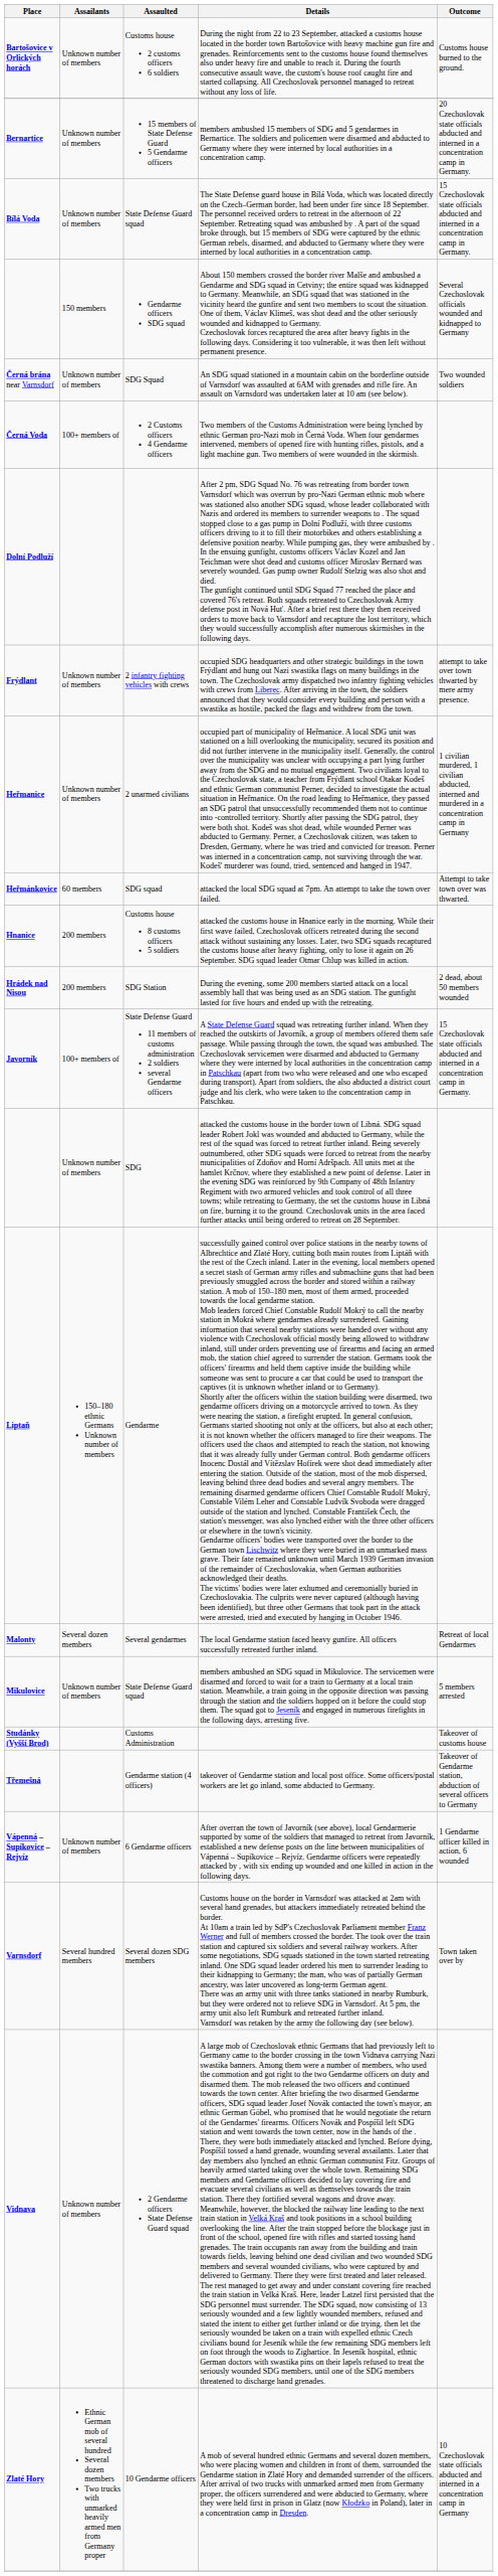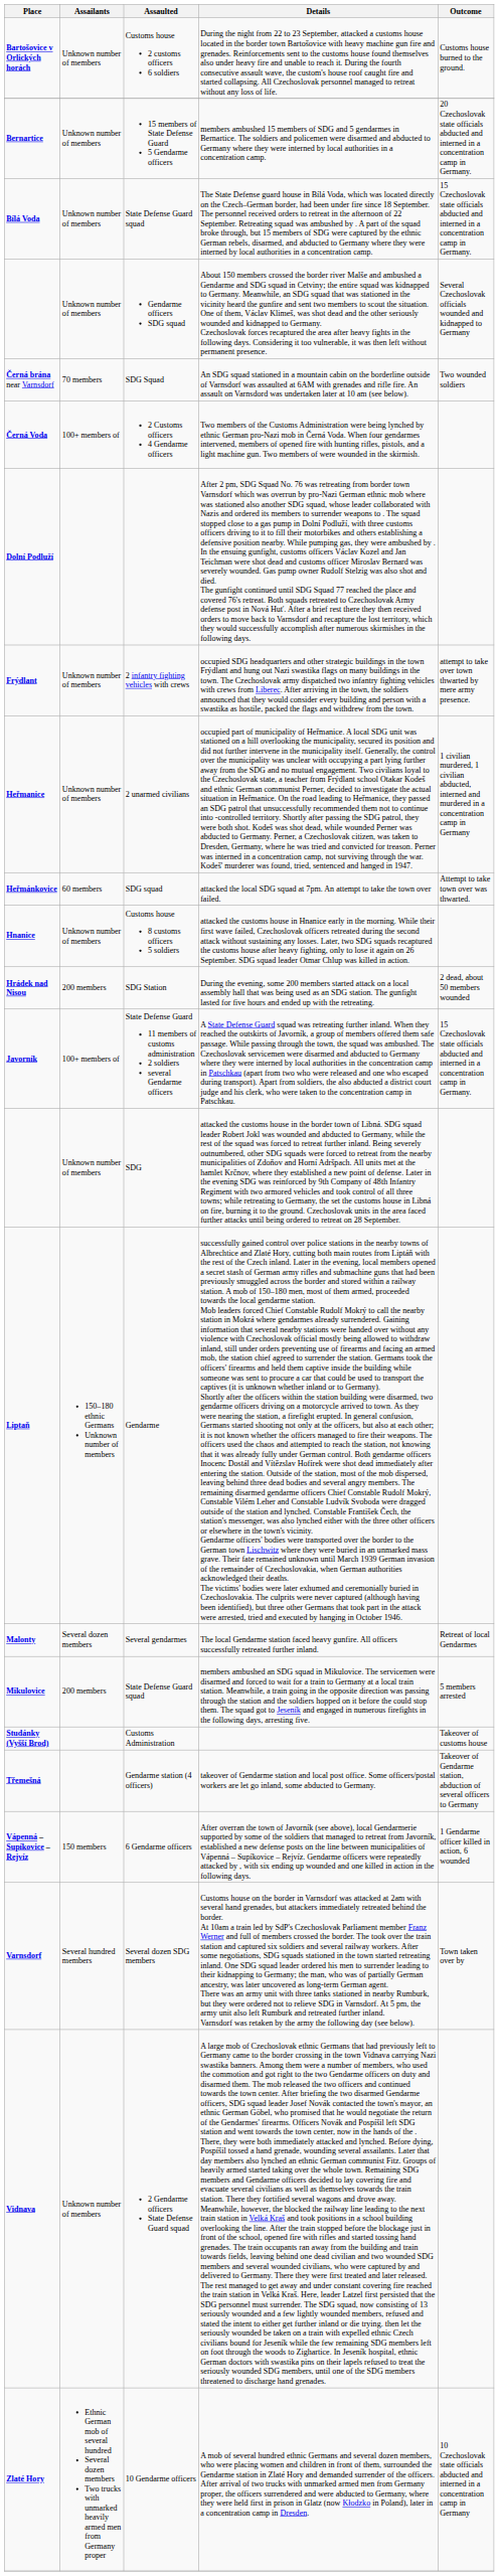 <table class="wikitable sortable" style="font-size:90%;">
 <tr>
 <th>Place</th>
 <th>Assailants</th>
 <th>Assaulted</th>
 <th>Details</th>
 <th>Outcome</th>
 </tr>
 <tr>
 <td><strong><a href='#'>Bartošovice v Orlických horách</a></strong></td>
 <td>Unknown number of  members</td>
 <td>Customs house<br><ul><li>2 customs officers</li><li>6 soldiers</li></ul></td>
 <td><br>During the night from 22 to 23 September,  attacked a customs house located in the border town Bartošovice with heavy machine gun fire and grenades. Reinforcements sent to the customs house found themselves also under heavy fire and unable to reach it. During the fourth consecutive assault wave, the custom's house roof caught fire and started collapsing. All Czechoslovak personnel managed to retreat without any loss of life.</td>
 <td>Customs house burned to the ground.</td>
 </tr>
 <tr>
 </tr>
 <tr>
 <td><strong><a href='#'>Bernartice</a></strong></td>
 <td>Unknown number of  members</td>
 <td><br><ul><li>15 members of State Defense Guard</li><li>5 Gendarme officers</li></ul></td>
 <td><br> members ambushed 15 members of SDG and 5 gendarmes in Bernartice. The soldiers and policemen were disarmed and abducted to Germany where they were interned by local authorities in a concentration camp.</td>
 <td>20 Czechoslovak state officials abducted and interned in a concentration camp in Germany.</td>
 </tr>
 <tr>
 <td><strong><a href='#'>Bílá Voda</a></strong></td>
 <td>Unknown number of  members</td>
 <td>State Defense Guard squad</td>
 <td><br>The State Defense guard house in Bílá Voda, which was located directly on the Czech–German border, had been under fire since 18 September. The personnel received orders to retreat in the afternoon of 22 September. Retreating squad was ambushed by . A part of the squad broke through, but 15 members of SDG were captured by the ethnic German rebels, disarmed, and abducted to Germany where they were interned by local authorities in a concentration camp.</td>
 <td>15 Czechoslovak state officials abducted and interned in a concentration camp in Germany.</td>
 </tr>
 <tr>
 <td><strong></strong></td>
-<td>150  members</td>
+<td>Unknown number of  members</td>
 <td><br><ul><li>Gendarme officers</li><li>SDG squad</li></ul></td>
 <td><br>About 150  members crossed the border river Malše and ambushed a Gendarme and SDG squad in Cetviny; the entire squad was kidnapped to Germany. Meanwhile, an SDG squad that was stationed in the vicinity heard the gunfire and sent two members to scout the situation. One of them, Václav Klimeš, was shot dead and the other seriously wounded and kidnapped to Germany.<br>Czechoslovak forces recaptured the area after heavy fights in the following days. Considering it too vulnerable, it was then left without permanent presence.</td>
 <td>Several Czechoslovak officials wounded and kidnapped to Germany</td>
 </tr>
 <tr>
 <td><strong><a href='#'>Černá brána</a></strong> near <a href='#'>Varnsdorf</a></td>
-<td>Unknown number of  members</td>
+<td>70  members</td>
 <td>SDG Squad</td>
 <td><br>An SDG squad stationed in a mountain cabin on the borderline outside of Varnsdorf was assaulted at 6AM with grenades and rifle fire. An assault on Varnsdord was undertaken later at 10 am (see below).</td>
 <td>Two wounded soldiers</td>
 </tr>
 <tr>
 <td><strong><a href='#'>Černá Voda</a></strong></td>
 <td>100+ members of </td>
 <td><br><ul><li>2 Customs officers</li><li>4 Gendarme officers</li></ul></td>
 <td><br>Two members of the Customs Administration were being lynched by ethnic German pro-Nazi mob in Černá Voda. When four gendarmes intervened, members of  opened fire with hunting rifles, pistols, and a light machine gun. Two members of  were wounded in the skirmish.</td>
 <td></td>
 </tr>
 <tr>
 <td><strong><a href='#'>Dolní Podluží</a></strong></td>
 <td></td>
 <td></td>
 <td><br>After 2 pm, SDG Squad No. 76 was retreating from border town Varnsdorf which was overrun by pro-Nazi German ethnic mob where was stationed also another SDG squad, whose leader collaborated with Nazis and ordered its members to surrender weapons to . The squad stopped close to a gas pump in Dolní Podluží, with three customs officers driving to it to fill their motorbikes and others establishing a defensive position nearby. While pumping gas, they were ambushed by . In the ensuing gunfight, customs officers Václav Kozel and Jan Teichman were shot dead and customs officer Miroslav Bernard was severely wounded. Gas pump owner Rudolf Stelzig was also shot and died.<br>The gunfight continued until SDG Squad 77 reached the place and covered 76's retreat. Both squads retreated to Czechoslovak Army defense post in Nová Huť. After a brief rest there they then received orders to move back to Varnsdorf and recapture the lost territory, which they would successfully accomplish after numerous skirmishes in the following days. </td>
 <td></td>
 </tr>
 <tr>
 <td><strong><a href='#'>Frýdlant</a></strong></td>
 <td>Unknown number of  members</td>
 <td>2 <a href='#'>infantry fighting vehicles</a> with crews</td>
 <td><br> occupied SDG headquarters and other strategic buildings in the town Frýdlant and hung out Nazi swastika flags on many buildings in the town. The Czechoslovak army dispatched two infantry fighting vehicles with crews from <a href='#'>Liberec</a>. After arriving in the town, the soldiers announced that they would consider every building and person with a swastika as hostile,  packed the flags and withdrew from the town.</td>
 <td> attempt to take over town thwarted by mere army presence.</td>
 </tr>
 <tr>
 <td><strong><a href='#'>Heřmanice</a></strong></td>
 <td>Unknown number of  members</td>
 <td>2 unarmed civilians</td>
 <td><br> occupied part of municipality of Heřmanice. A local SDG unit was stationed on a hill overlooking the municipality, secured its position and did not further intervene in the municipality itself. Generally, the control over the municipality was unclear with  occupying a part lying further away from the SDG and no mutual engagement. Two civilians loyal to the Czechoslovak state, a teacher from Frýdlant school Otakar Kodeš and ethnic German communist Perner, decided to investigate the actual situation in Heřmanice. On the road leading to Heřmanice, they passed an SDG patrol that unsuccessfully recommended them not to continue into -controlled territory. Shortly after passing the SDG patrol, they were both shot. Kodeš was shot dead, while wounded Perner was abducted to Germany. Perner, a Czechoslovak citizen, was taken to Dresden, Germany, where he was tried and convicted for treason. Perner was interned in a concentration camp, not surviving through the war. Kodeš' murderer was found, tried, sentenced and hanged in 1947.</td>
 <td>1 civilian murdered, 1 civilian abducted, interned and murdered in a concentration camp in Germany</td>
 </tr>
 <tr>
 <td><strong><a href='#'>Heřmánkovice</a></strong></td>
 <td>60  members</td>
 <td>SDG squad</td>
 <td><br> attacked the local SDG squad at 7pm. An attempt to take the town over failed.</td>
 <td>Attempt to take town over was thwarted.</td>
 </tr>
 <tr>
 <td><strong><a href='#'>Hnanice</a></strong></td>
-<td>200  members</td>
+<td>Unknown number of  members</td>
 <td>Customs house<br><ul><li>8 customs officers</li><li>5 soldiers</li></ul></td>
 <td><br> attacked the customs house in Hnanice early in the morning. While their first wave failed, Czechoslovak officers retreated during the second attack without sustaining any losses. Later, two SDG squads recaptured the customs house after heavy fighting, only to lose it again on 26 September. SDG squad leader Otmar Chlup was killed in action.</td>
 <td></td>
 </tr>
 <tr>
 <td><strong><a href='#'>Hrádek nad Nisou</a></strong></td>
 <td>200  members</td>
 <td>SDG Station</td>
 <td><br>During the evening, some 200  members started attack on a local assembly hall that was being used as an SDG station. The gunfight lasted for five hours and ended up with the  retreating.</td>
 <td>2 dead, about 50  members wounded</td>
 </tr>
 <tr>
 <td><strong><a href='#'>Javorník</a></strong></td>
 <td>100+ members of </td>
 <td>State Defense Guard<br><ul><li>11 members of customs administration</li><li>2 soldiers</li><li>several Gendarme officers</li></ul></td>
 <td><br>A <a href='#'>State Defense Guard</a> squad was retreating further inland. When they reached the outskirts of Javorník, a group of  members offered them safe passage. While passing through the town, the squad was ambushed. The Czechoslovak servicemen were disarmed and abducted to Germany where they were interned by local authorities in the concentration camp in <a href='#'>Patschkau</a> (apart from two who were released and one who escaped during transport). Apart from soldiers, the  also abducted a district court judge and his clerk, who were taken to the concentration camp in Patschkau.</td>
 <td>15 Czechoslovak state officials abducted and interned in a concentration camp in Germany.</td>
 </tr>
 <tr>
 <td></td>
 <td>Unknown number of  members</td>
 <td>SDG</td>
 <td><br> attacked the customs house in the border town of Libná. SDG squad leader Robert Jokl was wounded and abducted to Germany, while the rest of the squad was forced to retreat further inland. Being severely outnumbered, other SDG squads were forced to retreat from the nearby municipalities of Zdoňov and Horní Adršpach. All units met at the hamlet Krčnov, where they established a new point of defense. Later in the evening SDG was reinforced by 9th Company of 48th Infantry Regiment with two armored vehicles and took control of all three towns; while retreating to Germany, the  set the customs house in Libná on fire, burning it to the ground. Czechoslovak units in the area faced further attacks until being ordered to retreat on 28 September.</td>
 <td></td>
 </tr>
 <tr>
 <td><strong><a href='#'>Liptaň</a></strong></td>
 <td><br><ul><li>150–180 ethnic Germans</li><li>Unknown number of  members</li></ul></td>
 <td>Gendarme</td>
 <td><br> successfully gained control over police stations in the nearby towns of Albrechtice and Zlaté Hory, cutting both main routes from Liptáň with the rest of the Czech inland. Later in the evening, local  members opened a secret stash of German army rifles and submachine guns that had been previously smuggled across the border and stored within a railway station. A mob of 150–180 men, most of them armed, proceeded towards the local gendarme station.<br>Mob leaders forced Chief Constable Rudolf Mokrý to call the nearby station in Mokrá where gendarmes already surrendered. Gaining information that several nearby stations were handed over without any violence with Czechoslovak official mostly being allowed to withdraw inland, still under orders preventing use of firearms and facing an armed mob, the station chief agreed to surrender the station. Germans took the officers' firearms and held them captive inside the building while someone was sent to procure a car that could be used to transport the captives (it is unknown whether inland or to Germany).<br>Shortly after the officers within the station building were disarmed, two gendarme officers driving on a motorcycle arrived to town. As they were nearing the station, a firefight erupted. In general confusion, Germans started shooting not only at the officers, but also at each other; it is not known whether the officers managed to fire their weapons. The officers used the chaos and attempted to reach the station, not knowing that it was already fully under German control. Both gendarme officers Inocenc Dostál and Vítězslav Hofírek were shot dead immediately after entering the station. Outside of the station, most of the mob dispersed, leaving behind three dead bodies and several angry  members. The remaining disarmed gendarme officers Chief Constable Rudolf Mokrý, Constable Vilém Leher and Constable Ludvík Svoboda were dragged outside of the station and lynched. Constable František Čech, the station's messenger, was also lynched either with the three other officers or elsewhere in the town's vicinity.<br>Gendarme officers' bodies were transported over the border to the German town <a href='#'>Lischwitz</a> where they were buried in an unmarked mass grave. Their fate remained unknown until March 1939 German invasion of the remainder of Czechoslovakia, when German authorities acknowledged their deaths.<br>The victims' bodies were later exhumed and ceremonially buried in Czechoslovakia. The culprits were never captured (although having been identified), but three other Germans that took part in the attack were arrested, tried and executed by hanging in October 1946.</td>
 <td></td>
 </tr>
 <tr>
 <td><strong><a href='#'>Malonty</a></strong></td>
 <td>Several dozen  members</td>
 <td>Several gendarmes</td>
 <td><br>The local Gendarme station faced heavy gunfire. All officers successfully retreated further inland.</td>
 <td>Retreat of local Gendarmes</td>
 </tr>
 <tr>
 <td><strong><a href='#'>Mikulovice</a></strong></td>
-<td>Unknown number of  members</td>
+<td>200  members</td>
 <td>State Defense Guard squad</td>
 <td><br> members ambushed an SDG squad in Mikulovice. The servicemen were disarmed and forced to wait for a train to Germany at a local train station. Meanwhile, a train going in the opposite direction was passing through the station and the soldiers hopped on it before the  could stop them. The squad got to <a href='#'>Jeseník</a> and engaged  in numerous firefights in the following days, arresting five.</td>
 <td>5  members arrested</td>
 </tr>
 <tr>
 <td><strong><a href='#'>Studánky (Vyšší Brod)</a></strong></td>
 <td></td>
 <td>Customs Administration</td>
 <td></td>
 <td>Takeover of customs house</td>
 </tr>
 <tr>
 <td><strong><a href='#'>Třemešná</a></strong></td>
 <td></td>
 <td>Gendarme station (4 officers)</td>
 <td> takeover of Gendarme station and local post office. Some officers/postal workers are let go inland, some abducted to Germany.</td>
 <td>Takeover of Gendarme station, abduction of several officers to Germany</td>
 </tr>
 <tr>
 <td><strong><a href='#'>Vápenná</a> – <a href='#'>Supíkovice</a> – <a href='#'>Rejvíz</a></strong></td>
-<td>Unknown number of  members</td>
+<td>150  members</td>
 <td>6 Gendarme officers</td>
 <td><br>After  overran the town of Javorník (see above), local Gendarmerie supported by some of the soldiers that managed to retreat from Javorník, established a new defense posts on the line between municipalities of Vápenná – Supíkovice – Rejvíz. Gendarme officers were repeatedly attacked by , with six ending up wounded and one killed in action in the following days.</td>
 <td>1 Gendarme officer killed in action, 6 wounded</td>
 </tr>
 <tr>
 <td><strong><a href='#'>Varnsdorf</a></strong></td>
 <td>Several hundred  members</td>
 <td>Several dozen SDG members</td>
 <td><br>Customs house on the border in Varnsdorf was attacked at 2am with several hand grenades, but attackers immediately retreated behind the border.<br>At 10am a train led by SdP's Czechoslovak Parliament member <a href='#'>Franz Werner</a> and full of  members crossed the border. The  took over the train station and captured six soldiers and several railway workers. After some negotiations, SDG squads stationed in the town started retreating inland. One SDG squad leader ordered his men to surrender leading to their kidnapping to Germany; the man, who was of partially German ancestry, was later uncovered as long-term German agent.<br>There was an army unit with three tanks stationed in nearby Rumburk, but they were ordered not to relieve SDG in Varnsdorf. At 5 pm, the army unit also left Rumburk and retreated further inland.<br>Varnsdorf was retaken by the army the following day (see below).</td>
 <td>Town taken over by </td>
 </tr>
 <tr>
 <td><strong><a href='#'>Vidnava</a></strong></td>
 <td>Unknown number of  members</td>
 <td><br><ul><li>2 Gendarme officers</li><li>State Defense Guard squad</li></ul></td>
 <td><br>A large mob of Czechoslovak ethnic Germans that had previously left to Germany came to the border crossing in the town Vidnava carrying Nazi swastika banners. Among them were a number of  members, who used the commotion and got right to the two Gendarme officers on duty and disarmed them. The mob released the two officers and continued towards the town center. After briefing the two disarmed Gendarme officers, SDG squad leader Josef Novák contacted the town's mayor, an ethnic German Göbel, who promised that he would negotiate the return of the Gendarmes' firearms. Officers Novák and Pospíšil left SDG station and went towards the town center, now in the hands of the . There, they were both immediately attacked and lynched. Before dying, Pospíšil tossed a hand grenade, wounding several assailants. Later that day  members also lynched an ethnic German communist Fitz. Groups of heavily armed  started taking over the whole town. Remaining SDG members and Gendarme officers decided to lay covering fire and evacuate several civilians as well as themselves towards the train station. There they fortified several wagons and drove away. Meanwhile, however, the  blocked the railway line leading to the next train station in <a href='#'>Velká Kraš</a> and took positions in a school building overlooking the line. After the train stopped before the blockage just in front of the school,  opened fire with rifles and started tossing hand grenades. The train occupants ran away from the building and train towards fields, leaving behind one dead civilian and two wounded SDG members and several wounded civilians, who were captured by  and delivered to Germany. There they were first treated and later released. The rest managed to get away and under constant covering fire reached the train station in Velká Kraš. Here,  leader Latzel first persisted that the SDG personnel must surrender. The SDG squad, now consisting of 13 seriously wounded and a few lightly wounded members, refused and stated the intent to either get further inland or die trying.  then let the seriously wounded be taken on a train with expelled ethnic Czech civilians bound for Jeseník while the few remaining SDG members left on foot through the woods to Zighartice. In Jeseník hospital, ethnic German doctors with swastika pins on their lapels refused to treat the seriously wounded SDG members, until one of the SDG members threatened to discharge hand grenades.</td>
 <td></td>
 </tr>
 <tr>
 <td><strong><a href='#'>Zlaté Hory</a></strong></td>
 <td><br><ul><li>Ethnic German mob of several hundred</li><li>Several dozen  members</li><li>Two trucks with unmarked heavily armed men from Germany proper</li></ul></td>
 <td>10 Gendarme officers</td>
 <td><br>A mob of several hundred ethnic Germans and several dozen  members, who were placing women and children in front of them, surrounded the Gendarme station in Zlaté Hory and demanded surrender of the officers. After arrival of two trucks with unmarked armed men from Germany proper, the officers surrendered and were abducted to Germany, where they were held first in prison in Glatz (now <a href='#'>Kłodzko</a> in Poland), later in a concentration camp in <a href='#'>Dresden</a>.</td>
 <td>10 Czechoslovak state officials abducted and interned in a concentration camp in Germany</td>
 </tr>
 <tr>
 </tr>
 </table>
